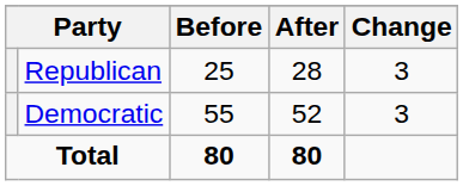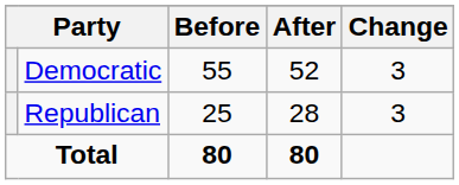 <table class="wikitable" style="text-align:center;">
 <tr>
 </tr>
 <tr>
 <th colspan=2>Party</th>
 <th>Before</th>
 <th>After</th>
 <th>Change</th>
 </tr>
 <tr>
 <th style="background-color:"></th>
-<td style="text-align:left;"><a href='#'>Republican</a></td>
-<td>25</td>
-<td>28</td>
+<td style="text-align:left;"><a href='#'>Democratic</a></td>
+<td>55</td>
+<td>52</td>
 <td> 3</td>
 </tr>
 <tr>
 <th style="background-color:"></th>
-<td style="text-align:left;"><a href='#'>Democratic</a></td>
-<td>55</td>
-<td>52</td>
+<td style="text-align:left;"><a href='#'>Republican</a></td>
+<td>25</td>
+<td>28</td>
 <td> 3</td>
 </tr>
 <tr>
 <td colspan=2><strong>Total</strong></td>
 <td><strong>80</strong></td>
 <td><strong>80</strong></td>
 <td></td>
 </tr>
 </table>
